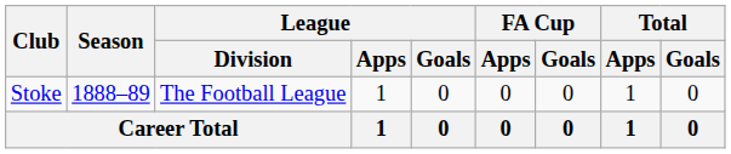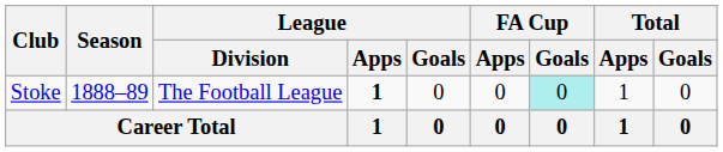 <table class="wikitable" style="text-align: center;">
 <tr>
 <th rowspan="2">Club</th>
 <th rowspan="2">Season</th>
 <th colspan="3">League</th>
 <th colspan="2">FA Cup</th>
 <th colspan="2">Total</th>
 </tr>
 <tr>
 <th>Division</th>
 <th>Apps</th>
 <th>Goals</th>
 <th>Apps</th>
 <th>Goals</th>
 <th>Apps</th>
 <th>Goals</th>
 </tr>
 <tr>
 <td><a href='#'>Stoke</a></td>
 <td><a href='#'>1888–89</a></td>
 <td><a href='#'>The Football League</a></td>
-<td>1</td>
+<td><strong>1</strong></td>
 <td>0</td>
 <td>0</td>
-<td>0</td>
+<td style="background: paleturquoise;">0</td>
 <td>1</td>
 <td>0</td>
 </tr>
 <tr>
 <th colspan="3">Career Total</th>
 <th>1</th>
 <th>0</th>
 <th>0</th>
 <th>0</th>
 <th>1</th>
 <th>0</th>
 </tr>
 </table>
